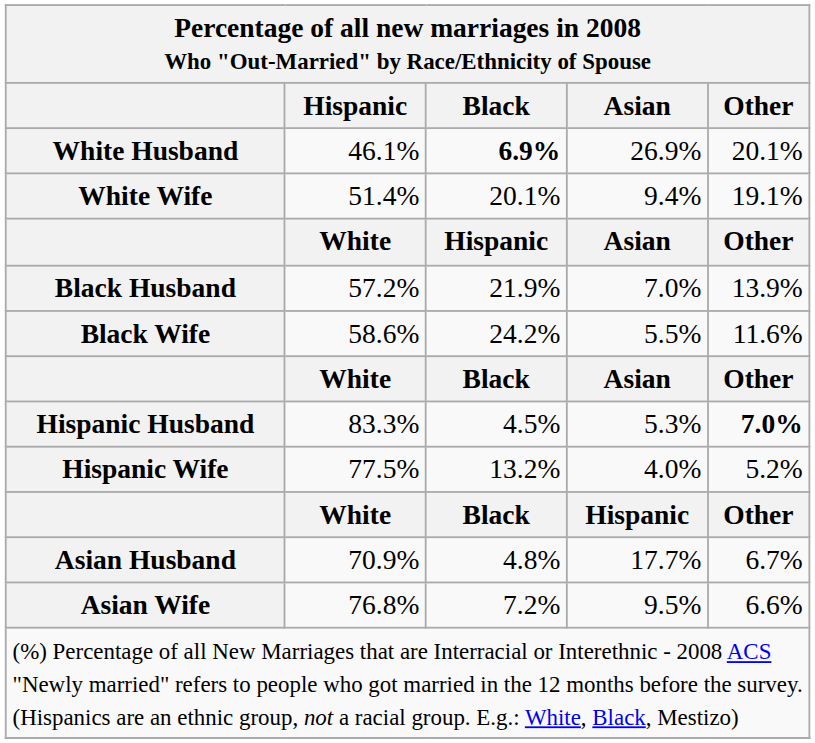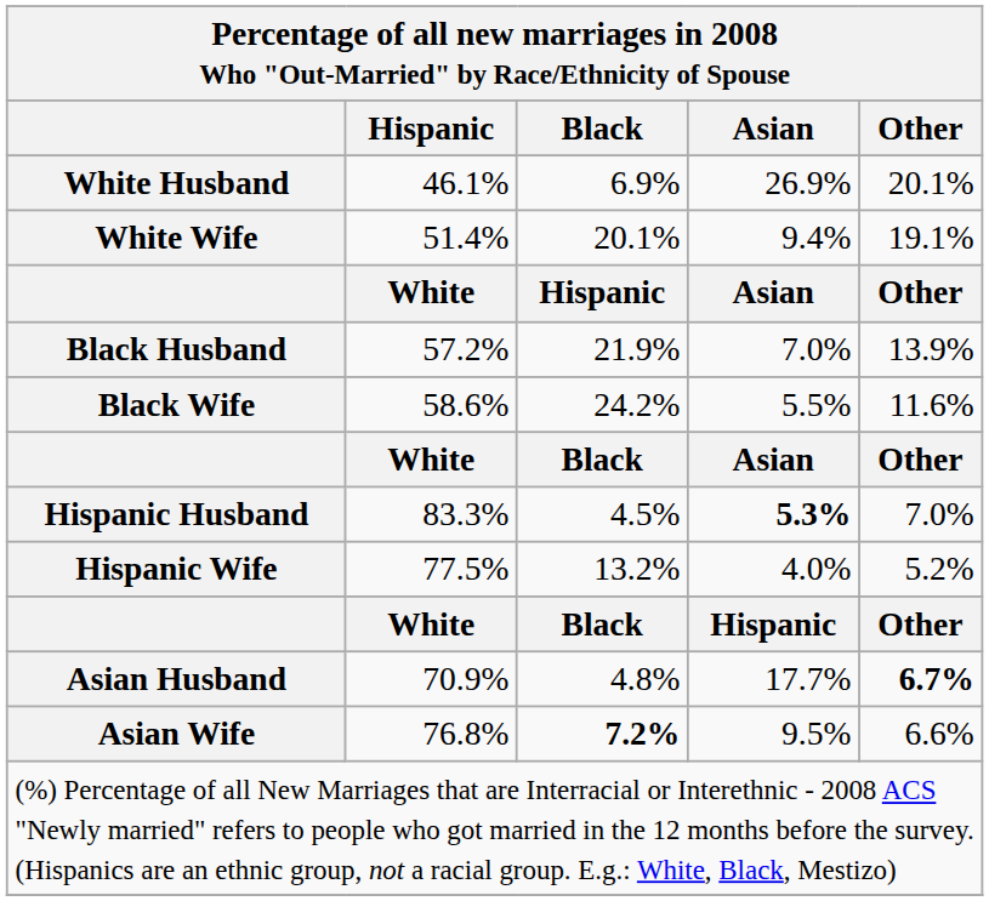 <table class="wikitable" style="float:right; font-size:95%; text-align:center;">
 <tr>
 <th colspan=8>Percentage of all new marriages in 2008 <br><small> Who "Out-Married" by Race/Ethnicity of Spouse</small></th>
 </tr>
 <tr>
 <th class="unsortable"></th>
 <th>Hispanic</th>
 <th>Black</th>
 <th>Asian</th>
 <th>Other</th>
 </tr>
 <tr align="right">
 <th>White Husband</th>
 <td>46.1%</td>
-<td><strong>6.9%</strong></td>
+<td>6.9%</td>
 <td>26.9%</td>
 <td>20.1%</td>
 </tr>
 <tr align="right">
 <th>White Wife</th>
 <td>51.4%</td>
 <td>20.1%</td>
 <td>9.4%</td>
 <td>19.1%</td>
 </tr>
 <tr>
 <th class="unsortable"></th>
 <th>White</th>
 <th>Hispanic</th>
 <th>Asian</th>
 <th>Other</th>
 </tr>
 <tr align="right">
 <th>Black Husband</th>
 <td>57.2%</td>
 <td>21.9%</td>
 <td>7.0%</td>
 <td>13.9%</td>
 </tr>
 <tr align="right">
 <th>Black Wife</th>
 <td>58.6%</td>
 <td>24.2%</td>
 <td>5.5%</td>
 <td>11.6%</td>
 </tr>
 <tr>
 <th class="unsortable"></th>
 <th>White</th>
 <th>Black</th>
 <th>Asian</th>
 <th>Other</th>
 </tr>
 <tr align="right">
 <th>Hispanic Husband</th>
 <td>83.3%</td>
 <td>4.5%</td>
-<td>5.3%</td>
-<td><strong>7.0%</strong></td>
+<td><strong>5.3%</strong></td>
+<td>7.0%</td>
 </tr>
 <tr align="right">
 <th>Hispanic Wife</th>
 <td>77.5%</td>
 <td>13.2%</td>
 <td>4.0%</td>
 <td>5.2%</td>
 </tr>
 <tr>
 <th class="unsortable"></th>
 <th>White</th>
 <th>Black</th>
 <th>Hispanic</th>
 <th>Other</th>
 </tr>
 <tr align="right">
 <th>Asian Husband</th>
 <td>70.9%</td>
 <td>4.8%</td>
 <td>17.7%</td>
-<td>6.7%</td>
+<td><strong>6.7%</strong></td>
 </tr>
 <tr align="right">
 <th>Asian Wife</th>
 <td>76.8%</td>
-<td>7.2%</td>
+<td><strong>7.2%</strong></td>
 <td>9.5%</td>
 <td>6.6%</td>
 </tr>
 <tr>
 <td colspan="8" style="text-align:left;"><small> (%) Percentage of all New Marriages that are Interracial or Interethnic - 2008 <a href='#'>ACS</a></small><br><small> "Newly married" refers to people who got married in the 12 months before the survey.</small><br><small>  (Hispanics are an ethnic group, <em>not</em> a racial group. E.g.: <a href='#'>White</a>, <a href='#'>Black</a>, Mestizo)</small></td>
 </tr>
 <tr>
 </tr>
 </table>
